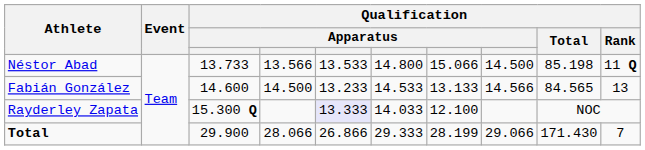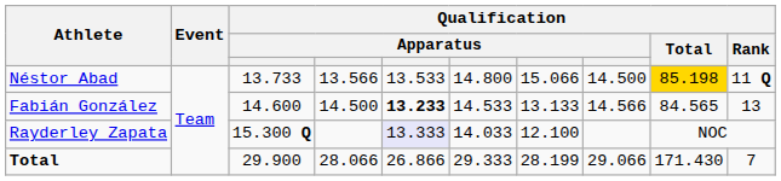 <table class="wikitable" style="font-size:90%">
 <tr>
 <th rowspan=3>Athlete</th>
 <th rowspan=3>Event</th>
 <th colspan =8>Qualification</th>
 </tr>
 <tr style="font-size:95%">
 <th colspan=6>Apparatus</th>
 <th rowspan=2>Total</th>
 <th rowspan=2>Rank</th>
 </tr>
 <tr style="font-size:95%">
 <th></th>
 <th></th>
 <th></th>
 <th></th>
 <th></th>
 <th></th>
 </tr>
 <tr align=center>
 <td align=left><a href='#'>Néstor Abad</a></td>
 <td align=left rowspan=4><a href='#'>Team</a></td>
 <td>13.733</td>
 <td>13.566</td>
 <td>13.533</td>
 <td>14.800</td>
 <td>15.066</td>
 <td>14.500</td>
-<td>85.198</td>
+<td style="background: gold;">85.198</td>
 <td>11 <strong>Q</strong></td>
 </tr>
 <tr align=center>
 <td align=left><a href='#'>Fabián González</a></td>
 <td>14.600</td>
 <td>14.500</td>
-<td>13.233</td>
+<td><strong>13.233</strong></td>
 <td>14.533</td>
 <td>13.133</td>
 <td>14.566</td>
 <td>84.565</td>
 <td>13</td>
 </tr>
 <tr align=center>
 <td align=left><a href='#'>Rayderley Zapata</a></td>
 <td>15.300 <strong>Q</strong></td>
 <td></td>
 <td style="background: lavender;">13.333</td>
 <td>14.033</td>
 <td>12.100</td>
 <td></td>
 <td colspan=2>NOC</td>
 </tr>
 <tr align=center>
 <td align=left><strong>Total</strong></td>
 <td>29.900</td>
 <td>28.066</td>
 <td>26.866</td>
 <td>29.333</td>
 <td>28.199</td>
 <td>29.066</td>
 <td>171.430</td>
 <td>7</td>
 </tr>
 </table>
